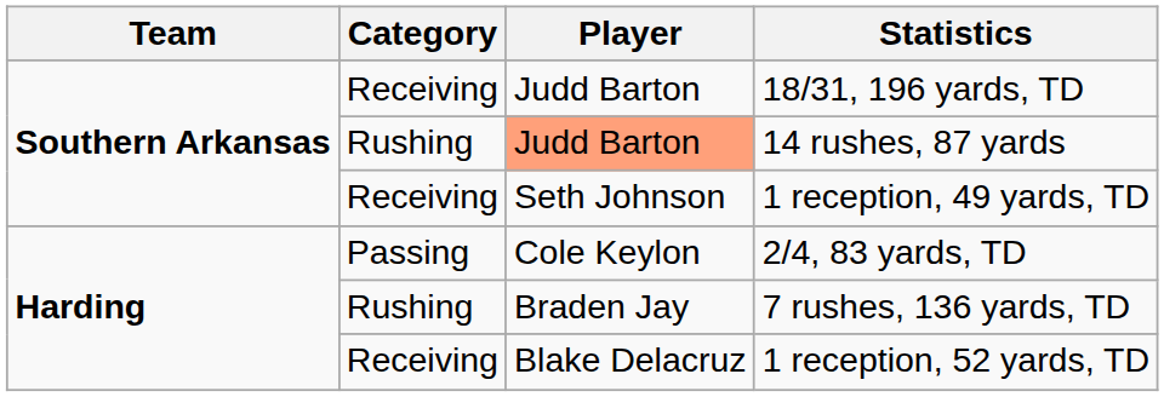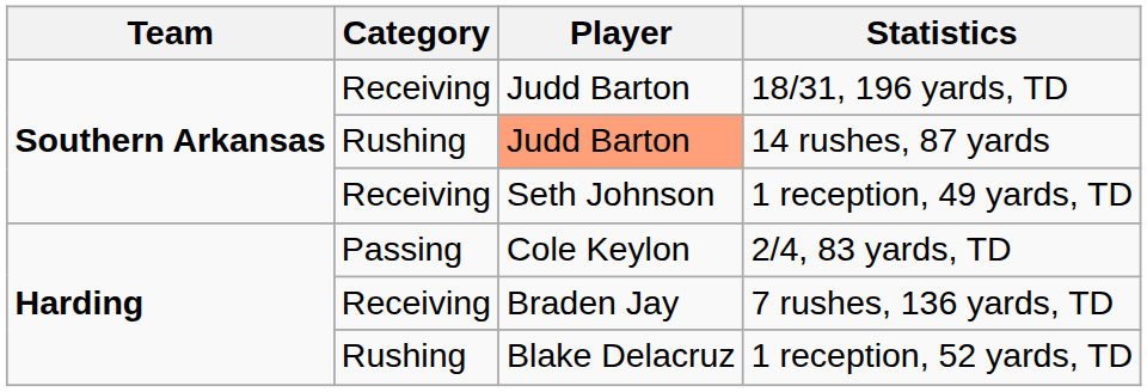 <table class="wikitable" style="float: right;">
 <tr>
 <th>Team</th>
 <th>Category</th>
 <th>Player</th>
 <th>Statistics</th>
 </tr>
 <tr>
 <td rowspan=3><strong>Southern Arkansas</strong></td>
 <td>Receiving</td>
 <td>Judd Barton</td>
 <td>18/31, 196 yards, TD</td>
 </tr>
 <tr>
 <td>Rushing</td>
 <td style="background: lightsalmon;">Judd Barton</td>
 <td>14 rushes, 87 yards</td>
 </tr>
 <tr>
 <td>Receiving</td>
 <td>Seth Johnson</td>
 <td>1 reception, 49 yards, TD</td>
 </tr>
 <tr>
 <td rowspan=3><strong>Harding</strong></td>
 <td>Passing</td>
 <td>Cole Keylon</td>
 <td>2/4, 83 yards, TD</td>
 </tr>
 <tr>
-<td>Rushing</td>
+<td>Receiving</td>
 <td>Braden Jay</td>
 <td>7 rushes, 136 yards, TD</td>
 </tr>
 <tr>
-<td>Receiving</td>
+<td>Rushing</td>
 <td>Blake Delacruz</td>
 <td>1 reception, 52 yards, TD</td>
 </tr>
 </table>
